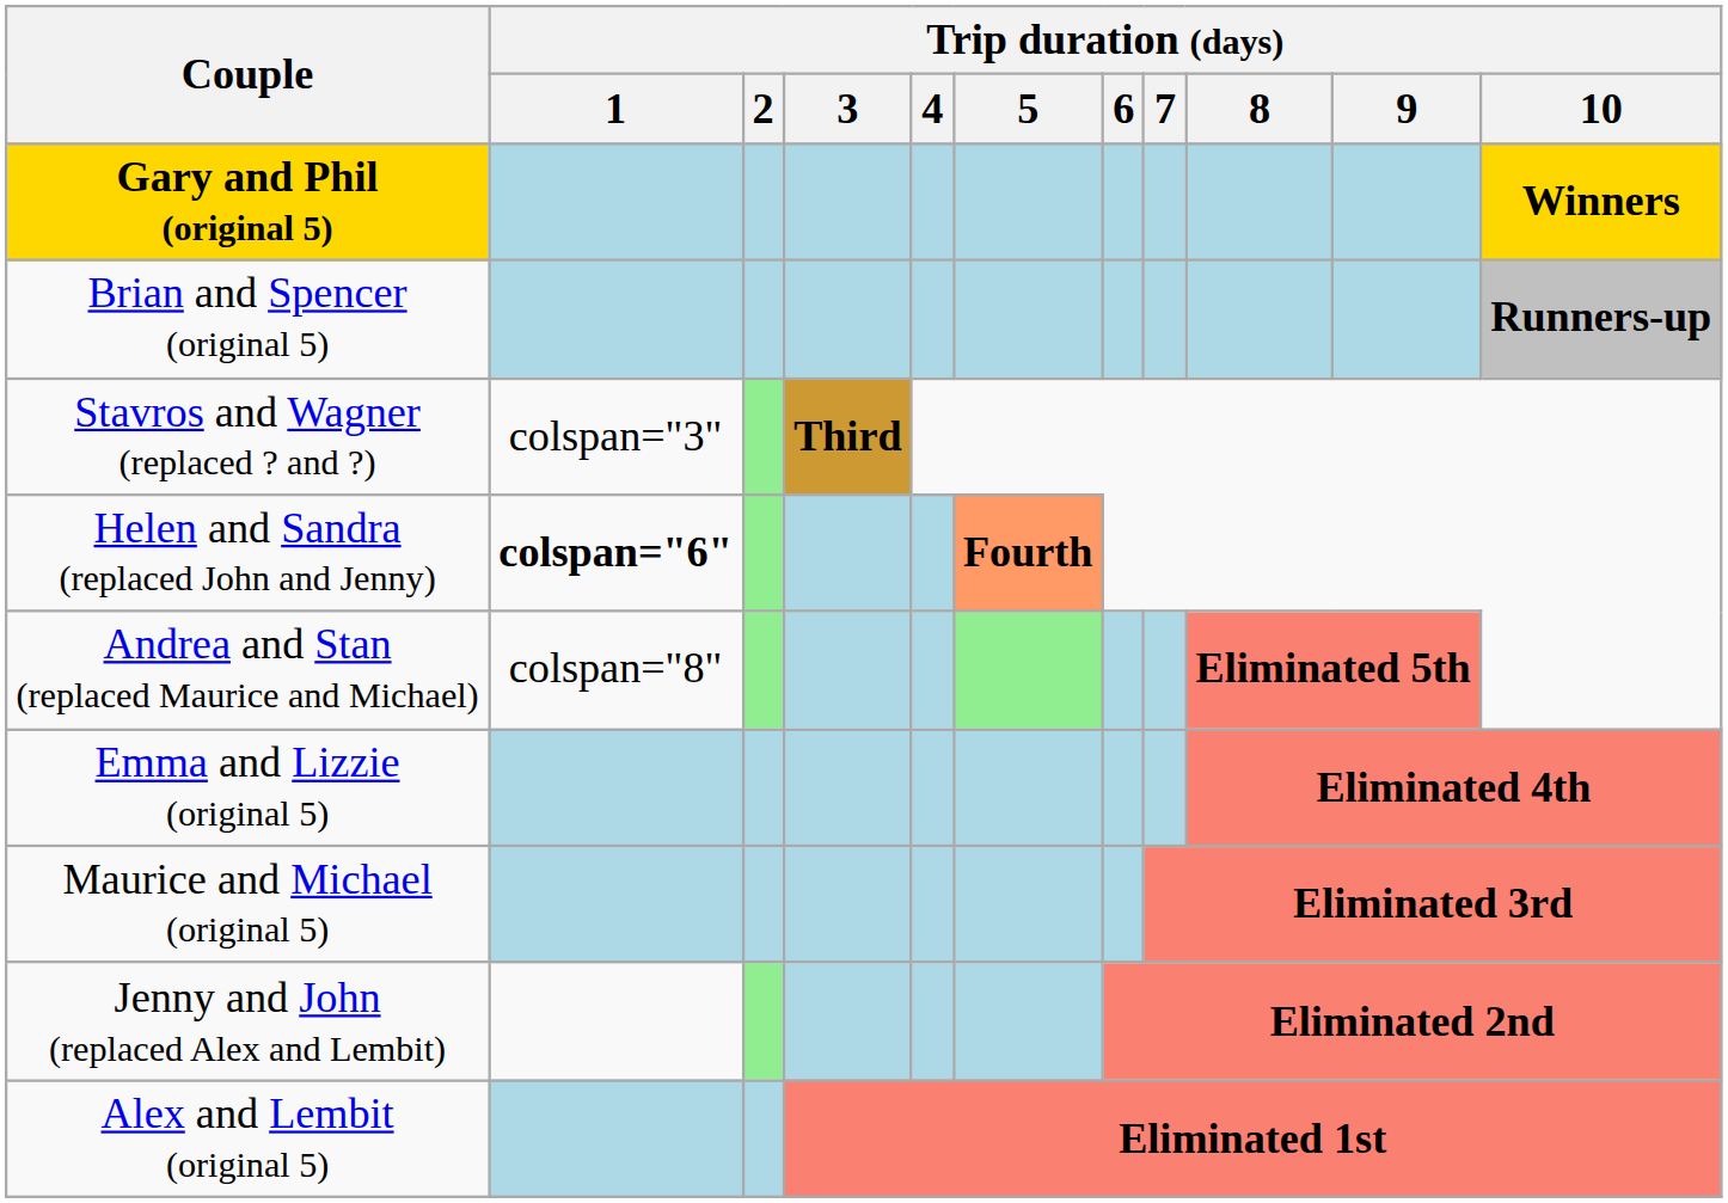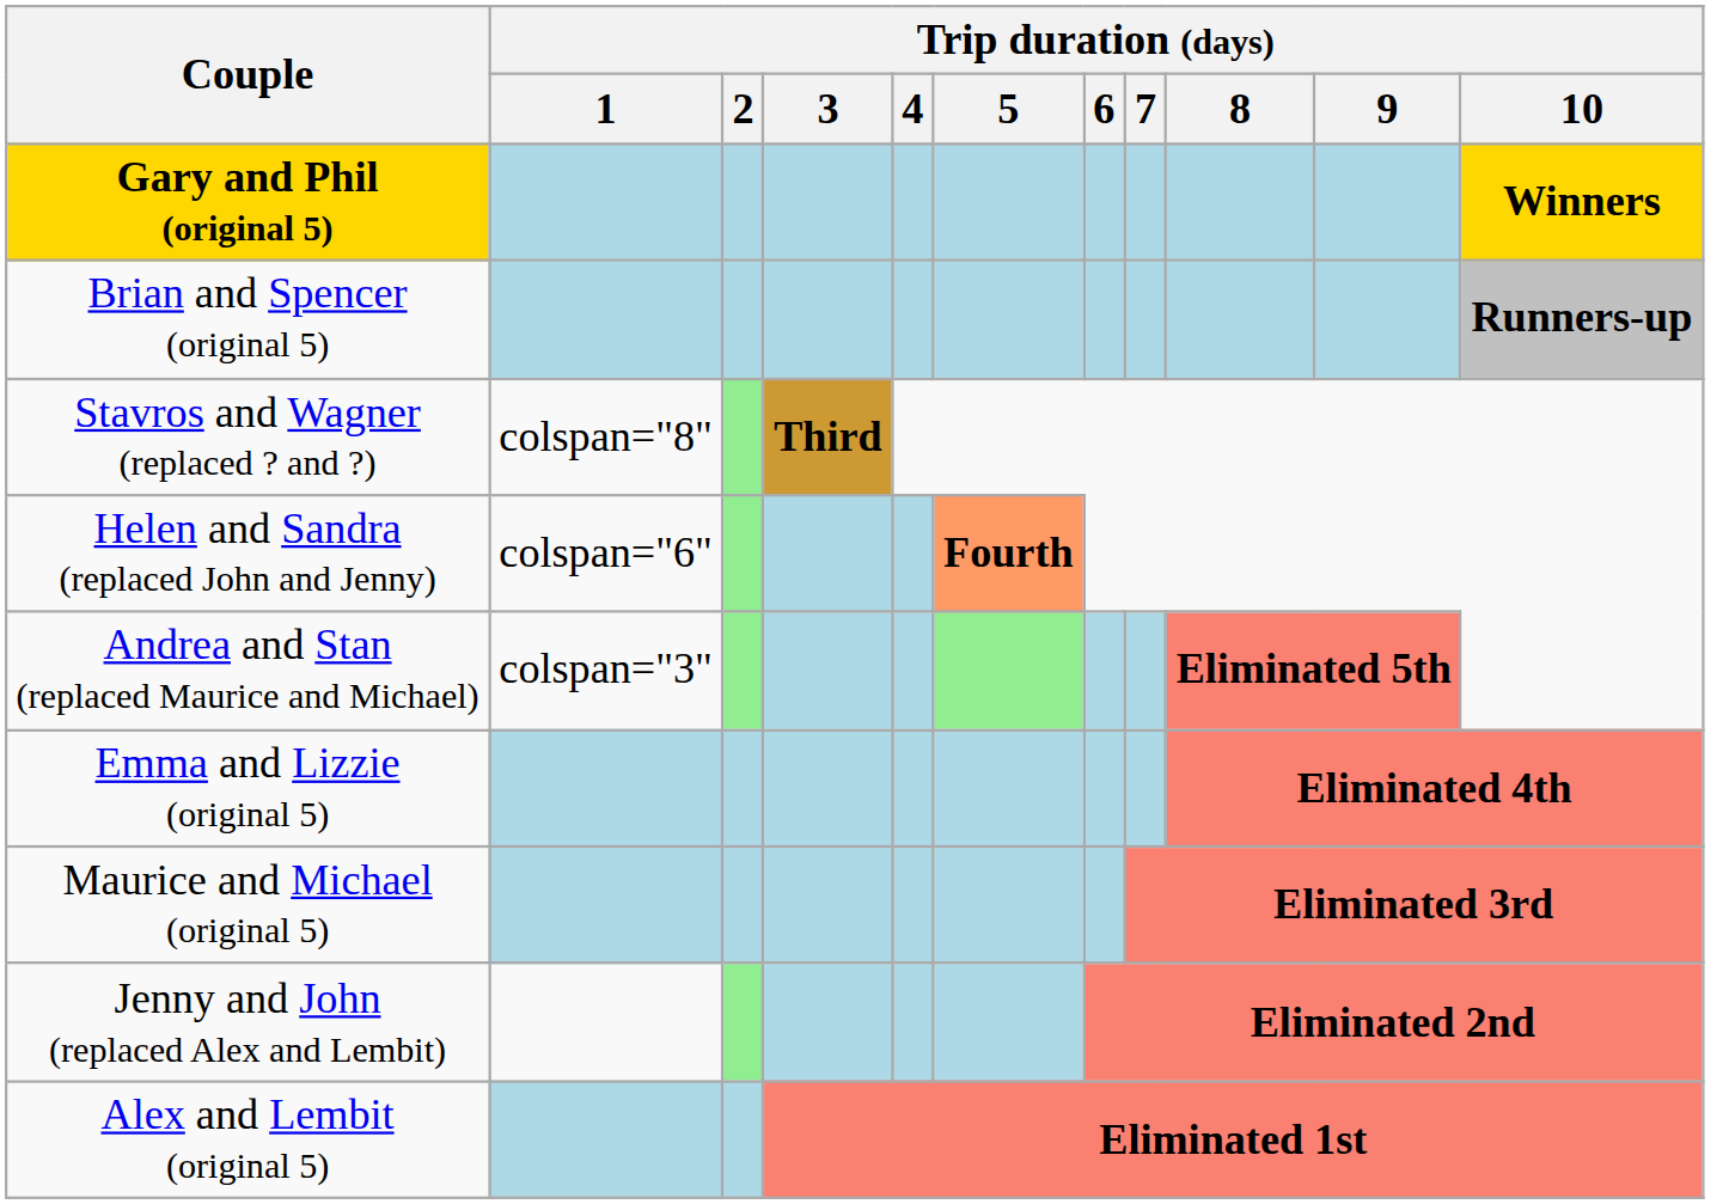 <table class="wikitable" style="text-align:center;">
 <tr>
 <th rowspan="2">Couple</th>
 <th colspan="15">Trip duration <small>(days)</small></th>
 </tr>
 <tr>
 <th>1</th>
 <th>2</th>
 <th>3</th>
 <th>4</th>
 <th>5</th>
 <th>6</th>
 <th>7</th>
 <th>8</th>
 <th>9</th>
 <th>10</th>
 </tr>
 <tr>
 <td style="background:gold;"><strong>Gary and Phil</strong><br><small><strong>(original 5)</strong></small></td>
 <td style="background:lightblue;"></td>
 <td style="background:lightblue;"></td>
 <td style="background:lightblue;"></td>
 <td style="background:lightblue;"></td>
 <td style="background:lightblue;"></td>
 <td style="background:lightblue;"></td>
 <td style="background:lightblue;"></td>
 <td style="background:lightblue;"></td>
 <td style="background:lightblue;"></td>
 <td style="background:gold;"><strong>Winners</strong></td>
 </tr>
 <tr>
 <td><a href='#'>Brian</a> and <a href='#'>Spencer</a><br><small>(original 5)</small></td>
 <td style="background:lightblue;"></td>
 <td style="background:lightblue;"></td>
 <td style="background:lightblue;"></td>
 <td style="background:lightblue;"></td>
 <td style="background:lightblue;"></td>
 <td style="background:lightblue;"></td>
 <td style="background:lightblue;"></td>
 <td style="background:lightblue;"></td>
 <td style="background:lightblue;"></td>
 <td style="background:silver;"><strong>Runners-up</strong></td>
 </tr>
 <tr>
 <td><a href='#'>Stavros</a> and <a href='#'>Wagner</a><br><small>(replaced ? and ?)</small></td>
-<td>colspan="3" </td>
+<td>colspan="8" </td>
 <td style="background:lightgreen;"></td>
 <td style="background:#cc9933;"><strong>Third</strong></td>
 </tr>
 <tr>
 <td><a href='#'>Helen</a> and <a href='#'>Sandra</a><br><small>(replaced John and Jenny)</small></td>
-<td><strong>colspan="6" </strong></td>
+<td>colspan="6" </td>
 <td style="background:lightgreen;"></td>
 <td style="background:lightblue;"></td>
 <td style="background:lightblue;"></td>
 <td style="background:#ff9966;"><strong>Fourth</strong></td>
 </tr>
 <tr>
 <td><a href='#'>Andrea</a> and <a href='#'>Stan</a><br><small>(replaced Maurice and Michael)</small></td>
-<td>colspan="8" </td>
+<td>colspan="3" </td>
 <td style="background:lightgreen;"></td>
 <td style="background:lightblue;"></td>
 <td style="background:lightblue;"></td>
 <td style="background:lightgreen;"></td>
 <td style="background:lightblue;"></td>
 <td style="background:lightblue;"></td>
 <td colspan="2" style="background:salmon;"><strong>Eliminated 5th</strong></td>
 </tr>
 <tr>
 <td><a href='#'>Emma</a> and <a href='#'>Lizzie</a><br><small>(original 5)</small></td>
 <td style="background:lightblue;"></td>
 <td style="background:lightblue;"></td>
 <td style="background:lightblue;"></td>
 <td style="background:lightblue;"></td>
 <td style="background:lightblue;"></td>
 <td style="background:lightblue;"></td>
 <td style="background:lightblue;"></td>
 <td colspan="3" style="background:salmon;"><strong>Eliminated 4th</strong></td>
 </tr>
 <tr>
 <td>Maurice and <a href='#'>Michael</a><br><small>(original 5)</small></td>
 <td style="background:lightblue;"></td>
 <td style="background:lightblue;"></td>
 <td style="background:lightblue;"></td>
 <td style="background:lightblue;"></td>
 <td style="background:lightblue;"></td>
 <td style="background:lightblue;"></td>
 <td colspan="4" style="background:salmon;"><strong>Eliminated 3rd</strong></td>
 </tr>
 <tr>
 <td>Jenny and <a href='#'>John</a><br><small>(replaced Alex and Lembit)</small></td>
 <td></td>
 <td style="background:lightgreen;"></td>
 <td style="background:lightblue;"></td>
 <td style="background:lightblue;"></td>
 <td style="background:lightblue;"></td>
 <td colspan="5" style="background:salmon;"><strong>Eliminated 2nd</strong></td>
 </tr>
 <tr>
 <td><a href='#'>Alex</a> and <a href='#'>Lembit</a><br><small>(original 5)</small></td>
 <td style="background:lightblue;"></td>
 <td style="background:lightblue;"></td>
 <td colspan="8" style="background:salmon;"><strong>Eliminated 1st</strong></td>
 </tr>
 </table>
